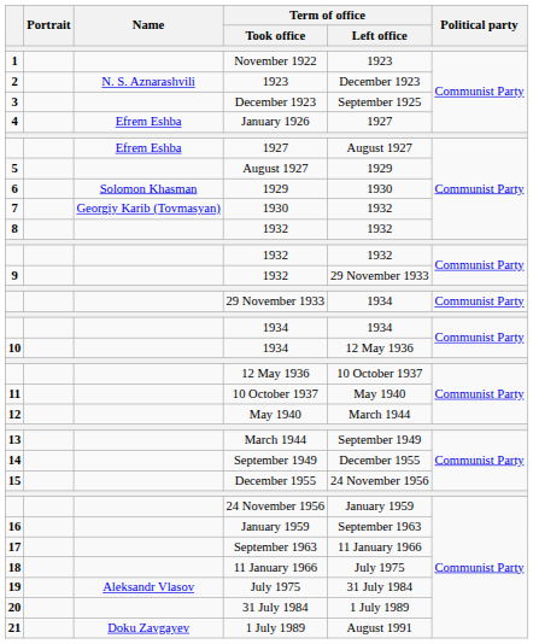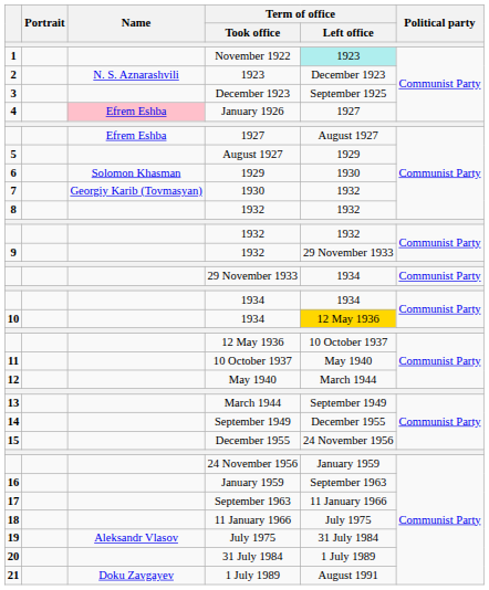 <table class="wikitable" style="text-align:center">
 <tr>
 <th rowspan=2></th>
 <th rowspan=2>Portrait</th>
 <th rowspan=2>Name<br></th>
 <th colspan=2>Term of office</th>
 <th rowspan=2>Political party</th>
 </tr>
 <tr>
 <th>Took office</th>
 <th>Left office</th>
 </tr>
 <tr>
 <th colspan="6"></th>
 </tr>
 <tr>
 <td style="background: "><strong>1</strong></td>
 <td></td>
 <td><br></td>
 <td>November 1922</td>
-<td>1923</td>
+<td style="background: paleturquoise;">1923</td>
 <td rowspan="4"><a href='#'>Communist Party</a></td>
 </tr>
 <tr>
 <td style="background: "><strong>2</strong></td>
 <td></td>
 <td><a href='#'>N. S. Aznarashvili</a></td>
 <td>1923</td>
 <td>December 1923</td>
 </tr>
 <tr>
 <td style="background: "><strong>3</strong></td>
 <td></td>
 <td><br></td>
 <td>December 1923</td>
 <td>September 1925</td>
 </tr>
 <tr>
 <td style="background: "><strong>4</strong></td>
 <td></td>
-<td><a href='#'>Efrem Eshba</a><br></td>
+<td style="background: pink;"><a href='#'>Efrem Eshba</a><br></td>
 <td>January 1926</td>
 <td>1927</td>
 </tr>
 <tr>
 <th colspan="6"></th>
 </tr>
 <tr>
 <td style="background: "><strong></strong></td>
 <td></td>
 <td><a href='#'>Efrem Eshba</a><br></td>
 <td>1927</td>
 <td>August 1927</td>
 <td rowspan="5"><a href='#'>Communist Party</a></td>
 </tr>
 <tr>
 <td style="background: "><strong>5</strong></td>
 <td></td>
 <td><br></td>
 <td>August 1927</td>
 <td>1929</td>
 </tr>
 <tr>
 <td style="background: "><strong>6</strong></td>
 <td></td>
 <td><a href='#'>Solomon Khasman</a><br></td>
 <td>1929</td>
 <td>1930</td>
 </tr>
 <tr>
 <td style="background: "><strong>7</strong></td>
 <td></td>
 <td><a href='#'>Georgiy Karib (Tovmasyan)</a><br></td>
 <td>1930</td>
 <td>1932</td>
 </tr>
 <tr>
 <td style="background: "><strong>8</strong></td>
 <td></td>
 <td><br></td>
 <td>1932</td>
 <td>1932</td>
 </tr>
 <tr>
 <th colspan="6"></th>
 </tr>
 <tr>
 <td style="background: "><strong></strong></td>
 <td></td>
 <td><br></td>
 <td>1932</td>
 <td>1932</td>
 <td rowspan="2"><a href='#'>Communist Party</a></td>
 </tr>
 <tr>
 <td style="background: "><strong>9</strong></td>
 <td></td>
 <td><br></td>
 <td>1932</td>
 <td>29 November 1933</td>
 </tr>
 <tr>
 <th colspan="6"></th>
 </tr>
 <tr>
 <td style="background: "><strong></strong></td>
 <td></td>
 <td><br></td>
 <td>29 November 1933</td>
 <td>1934</td>
 <td><a href='#'>Communist Party</a></td>
 </tr>
 <tr>
 <th colspan="6"></th>
 </tr>
 <tr>
 <td style="background: "><strong></strong></td>
 <td></td>
 <td><br></td>
 <td>1934</td>
 <td>1934</td>
 <td rowspan="2"><a href='#'>Communist Party</a></td>
 </tr>
 <tr>
 <td style="background: "><strong>10</strong></td>
 <td></td>
 <td><br></td>
 <td>1934</td>
-<td>12 May 1936</td>
+<td style="background: gold;">12 May 1936</td>
 </tr>
 <tr>
 <th colspan="6"></th>
 </tr>
 <tr>
 <td style="background: "><strong></strong></td>
 <td></td>
 <td><br></td>
 <td>12 May 1936</td>
 <td>10 October 1937</td>
 <td rowspan="3"><a href='#'>Communist Party</a></td>
 </tr>
 <tr>
 <td style="background: "><strong>11</strong></td>
 <td></td>
 <td><br></td>
 <td>10 October 1937</td>
 <td>May 1940</td>
 </tr>
 <tr>
 <td style="background: "><strong>12</strong></td>
 <td></td>
 <td><br></td>
 <td>May 1940</td>
 <td>March 1944</td>
 </tr>
 <tr>
 <th colspan="6"></th>
 </tr>
 <tr>
 <td style="background: "><strong>13</strong></td>
 <td></td>
 <td><br></td>
 <td>March 1944</td>
 <td>September 1949</td>
 <td rowspan="3"><a href='#'>Communist Party</a></td>
 </tr>
 <tr>
 <td style="background: "><strong>14</strong></td>
 <td></td>
 <td><br></td>
 <td>September 1949</td>
 <td>December 1955</td>
 </tr>
 <tr>
 <td style="background: "><strong>15</strong></td>
 <td></td>
 <td><br></td>
 <td>December 1955</td>
 <td>24 November 1956</td>
 </tr>
 <tr>
 <th colspan="6"></th>
 </tr>
 <tr>
 <td style="background: "><strong></strong></td>
 <td></td>
 <td><br></td>
 <td>24 November 1956</td>
 <td>January 1959</td>
 <td rowspan="7"><a href='#'>Communist Party</a></td>
 </tr>
 <tr>
 <td style="background: "><strong>16</strong></td>
 <td></td>
 <td><br></td>
 <td>January 1959</td>
 <td>September 1963</td>
 </tr>
 <tr>
 <td style="background: "><strong>17</strong></td>
 <td></td>
 <td><br></td>
 <td>September 1963</td>
 <td>11 January 1966</td>
 </tr>
 <tr>
 <td style="background: "><strong>18</strong></td>
 <td></td>
 <td><br></td>
 <td>11 January 1966</td>
 <td>July 1975</td>
 </tr>
 <tr>
 <td style="background: "><strong>19</strong></td>
 <td></td>
 <td><a href='#'>Aleksandr Vlasov</a><br></td>
 <td>July 1975</td>
 <td>31 July 1984</td>
 </tr>
 <tr>
 <td style="background: "><strong>20</strong></td>
 <td></td>
 <td><br></td>
 <td>31 July 1984</td>
 <td>1 July 1989</td>
 </tr>
 <tr>
 <td style="background: "><strong>21</strong></td>
 <td></td>
 <td><a href='#'>Doku Zavgayev</a><br></td>
 <td>1 July 1989</td>
 <td>August 1991</td>
 </tr>
 </table>
